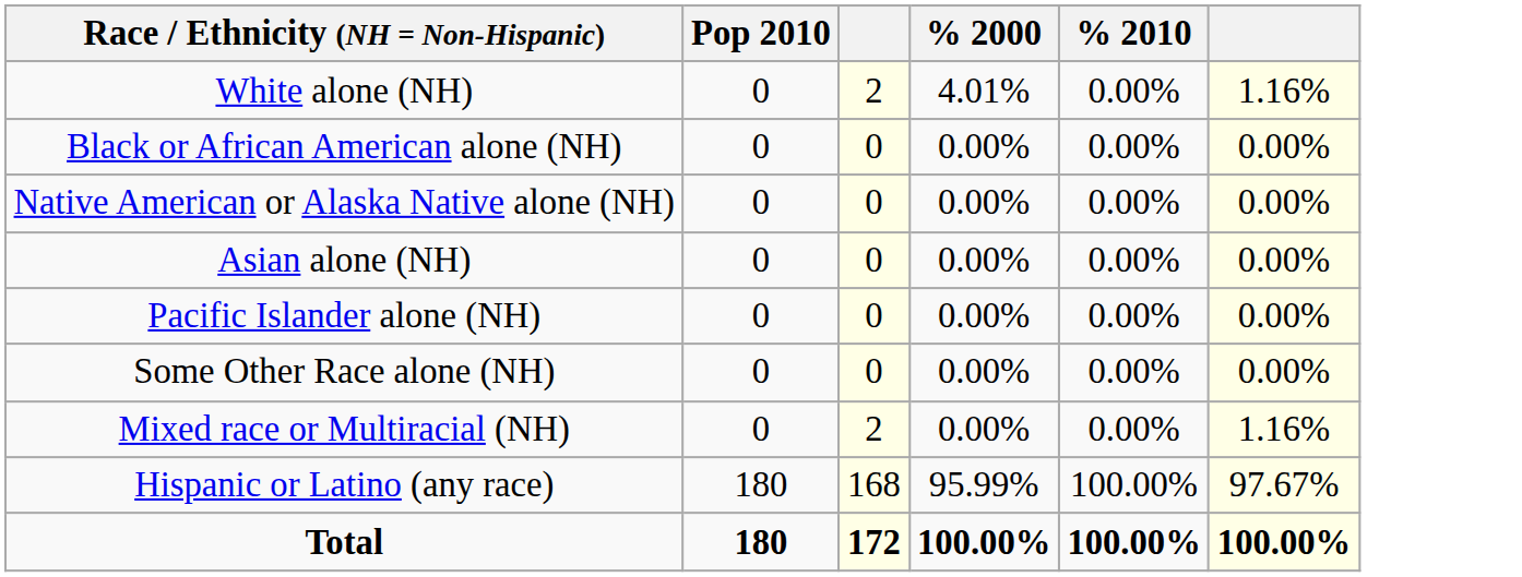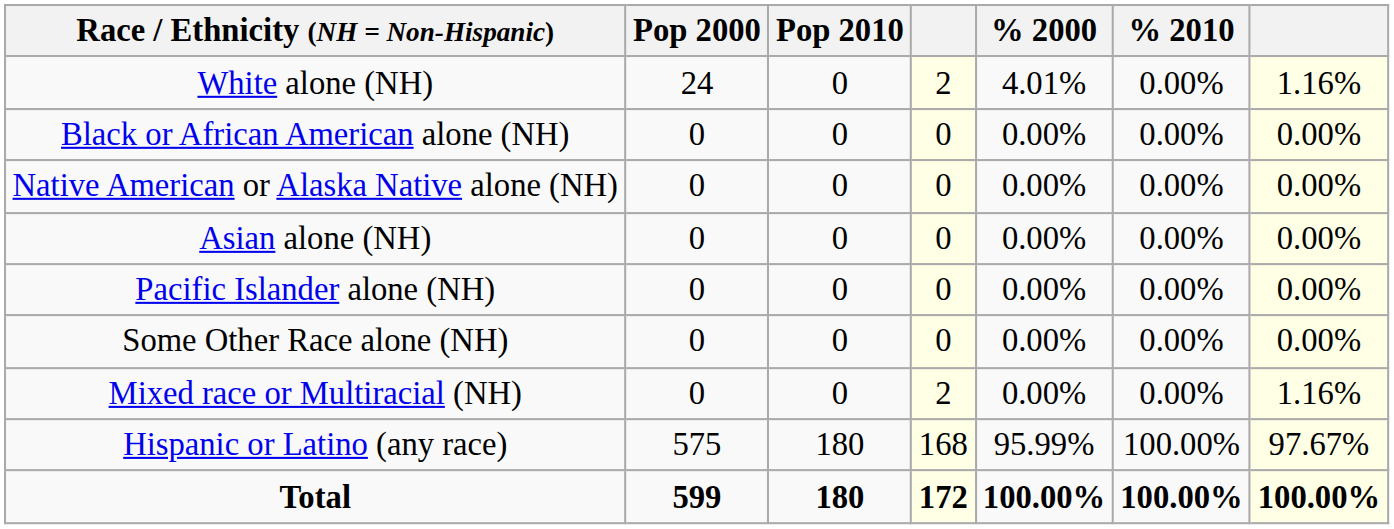 <table class="wikitable" style="text-align:center;">
 <tr>
 <th>Race / Ethnicity <small>(<em>NH = Non-Hispanic</em>)</small></th>
+<th>Pop 2000</th>
 <th>Pop 2010</th>
 <th></th>
 <th>% 2000</th>
 <th>% 2010</th>
 <th></th>
 </tr>
 <tr>
 <td><a href='#'>White</a> alone (NH)</td>
+<td>24</td>
 <td>0</td>
 <td style='background: #ffffe6;'>2</td>
 <td>4.01%</td>
 <td>0.00%</td>
 <td style='background: #ffffe6;'>1.16%</td>
 </tr>
 <tr>
 <td><a href='#'>Black or African American</a> alone (NH)</td>
 <td>0</td>
+<td>0</td>
 <td style='background: #ffffe6;'>0</td>
 <td>0.00%</td>
 <td>0.00%</td>
 <td style='background: #ffffe6;'>0.00%</td>
 </tr>
 <tr>
 <td><a href='#'>Native American</a> or <a href='#'>Alaska Native</a> alone (NH)</td>
+<td>0</td>
 <td>0</td>
 <td style='background: #ffffe6;'>0</td>
 <td>0.00%</td>
 <td>0.00%</td>
 <td style='background: #ffffe6;'>0.00%</td>
 </tr>
 <tr>
 <td><a href='#'>Asian</a> alone (NH)</td>
 <td>0</td>
+<td>0</td>
 <td style='background: #ffffe6;'>0</td>
 <td>0.00%</td>
 <td>0.00%</td>
 <td style='background: #ffffe6;'>0.00%</td>
 </tr>
 <tr>
 <td><a href='#'>Pacific Islander</a> alone (NH)</td>
+<td>0</td>
 <td>0</td>
 <td style='background: #ffffe6;'>0</td>
 <td>0.00%</td>
 <td>0.00%</td>
 <td style='background: #ffffe6;'>0.00%</td>
 </tr>
 <tr>
 <td>Some Other Race alone (NH)</td>
 <td>0</td>
+<td>0</td>
 <td style='background: #ffffe6;'>0</td>
 <td>0.00%</td>
 <td>0.00%</td>
 <td style='background: #ffffe6;'>0.00%</td>
 </tr>
 <tr>
 <td><a href='#'>Mixed race or Multiracial</a> (NH)</td>
 <td>0</td>
+<td>0</td>
 <td style='background: #ffffe6;'>2</td>
 <td>0.00%</td>
 <td>0.00%</td>
 <td style='background: #ffffe6;'>1.16%</td>
 </tr>
 <tr>
 <td><a href='#'>Hispanic or Latino</a> (any race)</td>
+<td>575</td>
 <td>180</td>
 <td style='background: #ffffe6;'>168</td>
 <td>95.99%</td>
 <td>100.00%</td>
 <td style='background: #ffffe6;'>97.67%</td>
 </tr>
 <tr>
 <td><strong>Total</strong></td>
+<td><strong>599</strong></td>
 <td><strong>180</strong></td>
 <td style='background: #ffffe6;'><strong>172</strong></td>
 <td><strong>100.00%</strong></td>
 <td><strong>100.00%</strong></td>
 <td style='background: #ffffe6;'><strong>100.00%</strong></td>
 </tr>
 </table>
